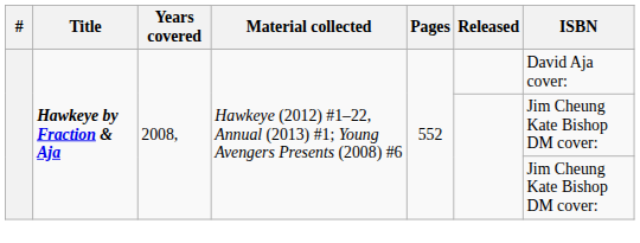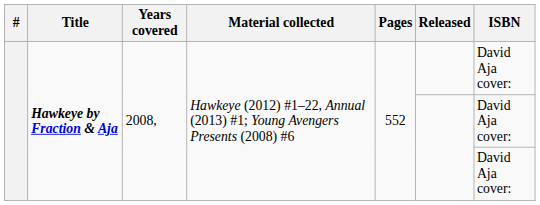 <table class="wikitable sortable" width="99%">
 <tr>
 <th class="unsortable" width="20px">#</th>
 <th>Title</th>
 <th>Years covered</th>
 <th class="unsortable">Material collected</th>
 <th>Pages</th>
 <th>Released</th>
 <th class="unsortable">ISBN</th>
 </tr>
 <tr>
 <th rowspan="3" style="background-color: light grey;"></th>
 <td rowspan="3"><strong><em>Hawkeye by <a href='#'>Fraction</a> & <a href='#'>Aja</a></em></strong></td>
 <td rowspan="3">2008, </td>
 <td rowspan="3"><em>Hawkeye</em> (2012) #1–22, <em>Annual</em> (2013) #1; <em>Young Avengers Presents</em> (2008) #6</td>
 <td rowspan="3" style="text-align: center;">552</td>
 <td></td>
 <td>David Aja cover: </td>
 </tr>
 <tr>
 <td rowspan="2"></td>
-<td>Jim Cheung Kate Bishop DM cover: </td>
+<td>David Aja cover: </td>
 </tr>
 <tr>
-<td>Jim Cheung Kate Bishop DM cover: </td>
+<td>David Aja cover: </td>
 </tr>
 </table>
